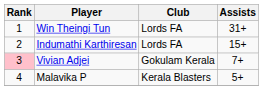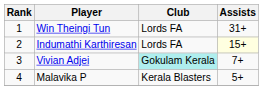 <table class="wikitable" style="text-align: "center">
 <tr>
 <th>Rank</th>
 <th>Player</th>
 <th>Club</th>
 <th>Assists</th>
 </tr>
 <tr>
 <td align="center">1</td>
 <td> <a href='#'>Win Theingi Tun</a></td>
 <td>Lords FA</td>
 <td align="center">31+</td>
 </tr>
 <tr>
 <td align="center">2</td>
 <td> <a href='#'>Indumathi Karthiresan</a></td>
 <td>Lords FA</td>
-<td align="center">15+</td>
+<td align="center" style="background: lightyellow;">15+</td>
 </tr>
 <tr>
-<td align="center" style="background: pink;">3</td>
+<td align="center">3</td>
 <td> <a href='#'>Vivian Adjei</a></td>
-<td>Gokulam Kerala</td>
+<td style="background: paleturquoise;">Gokulam Kerala</td>
 <td align="center">7+</td>
 </tr>
 <tr>
 <td align="center">4</td>
 <td> Malavika P</td>
 <td>Kerala Blasters</td>
 <td align="center">5+</td>
 </tr>
 <tr>
 </tr>
 </table>
